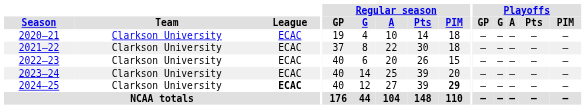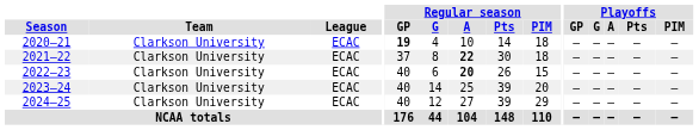 <table border="0" cellpadding="1" cellspacing="0" style="text-align:center; width:60em">
 <tr bgcolor="#e0e0e0">
 <th colspan="3" bgcolor="#ffffff"></th>
 <th rowspan="97" bgcolor="#ffffff"></th>
 <th colspan="5"><a href='#'>Regular season</a></th>
 <th rowspan="97" bgcolor="#ffffff"></th>
 <th colspan="5"><a href='#'>Playoffs</a></th>
 </tr>
 <tr bgcolor="#e0e0e0">
 <th><a href='#'>Season</a></th>
 <th>Team</th>
 <th>League</th>
 <th>GP</th>
 <th><a href='#'>G</a></th>
 <th><a href='#'>A</a></th>
 <th><a href='#'>Pts</a></th>
 <th><a href='#'>PIM</a></th>
 <th>GP</th>
 <th>G</th>
 <th>A</th>
 <th>Pts</th>
 <th>PIM</th>
 </tr>
 <tr>
 <td><a href='#'>2020–21</a></td>
 <td><a href='#'>Clarkson University</a></td>
 <td><a href='#'>ECAC</a></td>
-<td>19</td>
+<td><strong>19</strong></td>
 <td>4</td>
 <td>10</td>
 <td>14</td>
 <td>18</td>
 <td>—</td>
 <td>—</td>
 <td>—</td>
 <td>—</td>
 <td>—</td>
 </tr>
 <tr bgcolor="#f0f0f0">
 <td><a href='#'>2021–22</a></td>
 <td>Clarkson University</td>
 <td>ECAC</td>
 <td>37</td>
 <td>8</td>
-<td>22</td>
+<td><strong>22</strong></td>
 <td>30</td>
 <td>18</td>
 <td>—</td>
 <td>—</td>
 <td>—</td>
 <td>—</td>
 <td>—</td>
 </tr>
 <tr>
 <td><a href='#'>2022–23</a></td>
 <td>Clarkson University</td>
 <td>ECAC</td>
 <td>40</td>
 <td>6</td>
-<td>20</td>
+<td><strong>20</strong></td>
 <td>26</td>
 <td>15</td>
 <td>—</td>
 <td>—</td>
 <td>—</td>
 <td>—</td>
 <td>—</td>
 </tr>
 <tr bgcolor="#f0f0f0">
 <td><a href='#'>2023–24</a></td>
 <td>Clarkson University</td>
 <td>ECAC</td>
 <td>40</td>
 <td>14</td>
 <td>25</td>
 <td>39</td>
 <td>20</td>
 <td>—</td>
 <td>—</td>
 <td>—</td>
 <td>—</td>
 <td>—</td>
 </tr>
 <tr>
 <td><a href='#'>2024–25</a></td>
 <td>Clarkson University</td>
-<td><strong>ECAC</strong></td>
+<td>ECAC</td>
 <td>40</td>
 <td>12</td>
 <td>27</td>
 <td>39</td>
-<td><strong>29</strong></td>
+<td>29</td>
 <td>—</td>
 <td>—</td>
 <td>—</td>
 <td>—</td>
 <td>—</td>
 </tr>
 <tr bgcolor="#e0e0e0">
 <th colspan="3">NCAA totals</th>
 <th>176</th>
 <th>44</th>
 <th>104</th>
 <th>148</th>
 <th>110</th>
 <th>—</th>
 <th>—</th>
 <th>—</th>
 <th>—</th>
 <th>—</th>
 </tr>
 </table>
